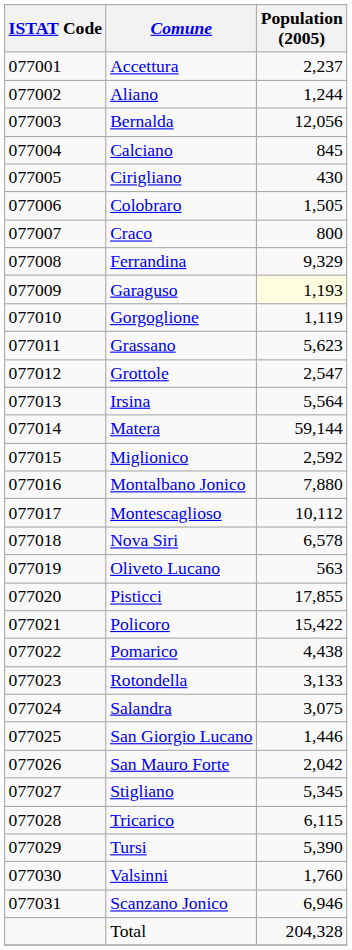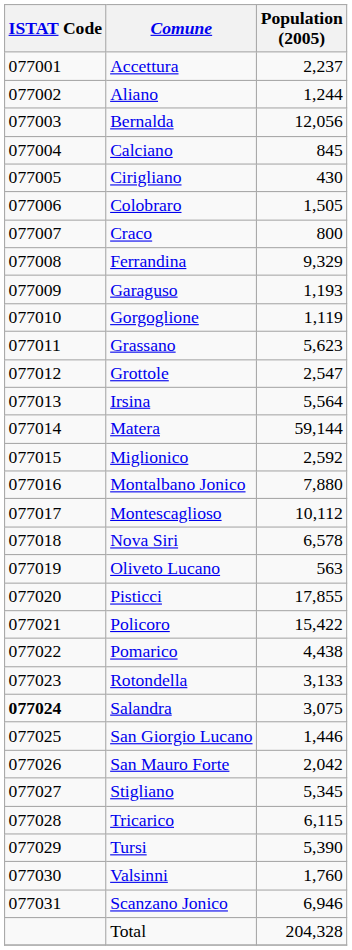 <table class="wikitable sortable">
 <tr>
 <th><a href='#'>ISTAT</a> Code</th>
 <th><em><a href='#'>Comune</a></em></th>
 <th>Population <br>(2005)</th>
 </tr>
 <tr>
 <td>077001</td>
 <td><a href='#'>Accettura</a></td>
 <td align="right">2,237</td>
 </tr>
 <tr>
 <td>077002</td>
 <td><a href='#'>Aliano</a></td>
 <td align="right">1,244</td>
 </tr>
 <tr>
 <td>077003</td>
 <td><a href='#'>Bernalda</a></td>
 <td align="right">12,056</td>
 </tr>
 <tr>
 <td>077004</td>
 <td><a href='#'>Calciano</a></td>
 <td align="right">845</td>
 </tr>
 <tr>
 <td>077005</td>
 <td><a href='#'>Cirigliano</a></td>
 <td align="right">430</td>
 </tr>
 <tr>
 <td>077006</td>
 <td><a href='#'>Colobraro</a></td>
 <td align="right">1,505</td>
 </tr>
 <tr>
 <td>077007</td>
 <td><a href='#'>Craco</a></td>
 <td align="right">800</td>
 </tr>
 <tr>
 <td>077008</td>
 <td><a href='#'>Ferrandina</a></td>
 <td align="right">9,329</td>
 </tr>
 <tr>
 <td>077009</td>
 <td><a href='#'>Garaguso</a></td>
-<td align="right" style="background: lightyellow;">1,193</td>
+<td align="right">1,193</td>
 </tr>
 <tr>
 <td>077010</td>
 <td><a href='#'>Gorgoglione</a></td>
 <td align="right">1,119</td>
 </tr>
 <tr>
 <td>077011</td>
 <td><a href='#'>Grassano</a></td>
 <td align="right">5,623</td>
 </tr>
 <tr>
 <td>077012</td>
 <td><a href='#'>Grottole</a></td>
 <td align="right">2,547</td>
 </tr>
 <tr>
 <td>077013</td>
 <td><a href='#'>Irsina</a></td>
 <td align="right">5,564</td>
 </tr>
 <tr>
 <td>077014</td>
 <td><a href='#'>Matera</a></td>
 <td align="right">59,144</td>
 </tr>
 <tr>
 <td>077015</td>
 <td><a href='#'>Miglionico</a></td>
 <td align="right">2,592</td>
 </tr>
 <tr>
 <td>077016</td>
 <td><a href='#'>Montalbano Jonico</a></td>
 <td align="right">7,880</td>
 </tr>
 <tr>
 <td>077017</td>
 <td><a href='#'>Montescaglioso</a></td>
 <td align="right">10,112</td>
 </tr>
 <tr>
 <td>077018</td>
 <td><a href='#'>Nova Siri</a></td>
 <td align="right">6,578</td>
 </tr>
 <tr>
 <td>077019</td>
 <td><a href='#'>Oliveto Lucano</a></td>
 <td align="right">563</td>
 </tr>
 <tr>
 <td>077020</td>
 <td><a href='#'>Pisticci</a></td>
 <td align="right">17,855</td>
 </tr>
 <tr>
 <td>077021</td>
 <td><a href='#'>Policoro</a></td>
 <td align="right">15,422</td>
 </tr>
 <tr>
 <td>077022</td>
 <td><a href='#'>Pomarico</a></td>
 <td align="right">4,438</td>
 </tr>
 <tr>
 <td>077023</td>
 <td><a href='#'>Rotondella</a></td>
 <td align="right">3,133</td>
 </tr>
 <tr>
-<td>077024</td>
+<td><strong>077024</strong></td>
 <td><a href='#'>Salandra</a></td>
 <td align="right">3,075</td>
 </tr>
 <tr>
 <td>077025</td>
 <td><a href='#'>San Giorgio Lucano</a></td>
 <td align="right">1,446</td>
 </tr>
 <tr>
 <td>077026</td>
 <td><a href='#'>San Mauro Forte</a></td>
 <td align="right">2,042</td>
 </tr>
 <tr>
 <td>077027</td>
 <td><a href='#'>Stigliano</a></td>
 <td align="right">5,345</td>
 </tr>
 <tr>
 <td>077028</td>
 <td><a href='#'>Tricarico</a></td>
 <td align="right">6,115</td>
 </tr>
 <tr>
 <td>077029</td>
 <td><a href='#'>Tursi</a></td>
 <td align="right">5,390</td>
 </tr>
 <tr>
 <td>077030</td>
 <td><a href='#'>Valsinni</a></td>
 <td align="right">1,760</td>
 </tr>
 <tr>
 <td>077031</td>
 <td><a href='#'>Scanzano Jonico</a></td>
 <td align="right">6,946</td>
 </tr>
 <tr>
 <td></td>
 <td>Total</td>
 <td align="right">204,328</td>
 </tr>
 <tr>
 </tr>
 </table>
